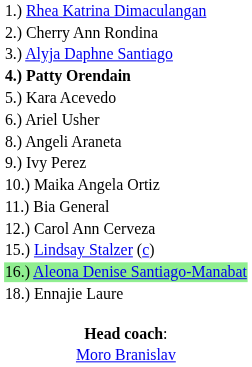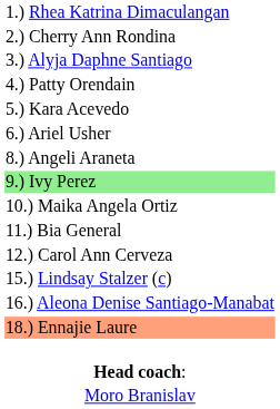 <table style="text-align: center; margin-top: 2em; margin-left: auto; margin-right: auto">
 <tr align=left>
 <td>1.) <a href='#'>Rhea Katrina Dimaculangan</a></td>
 </tr>
 <tr align=left>
 <td>2.) Cherry Ann Rondina</td>
 </tr>
 <tr align=left>
 <td>3.) <a href='#'>Alyja Daphne Santiago</a></td>
 </tr>
 <tr align=left>
-<td><strong>4.) Patty Orendain</strong></td>
+<td>4.) Patty Orendain</td>
 </tr>
 <tr align=left>
 <td>5.) Kara Acevedo</td>
 </tr>
 <tr align=left>
 <td>6.) Ariel Usher</td>
 </tr>
 <tr align=left>
 <td>8.) Angeli Araneta</td>
 </tr>
 <tr align=left>
-<td>9.) Ivy Perez</td>
+<td style="background: lightgreen;">9.) Ivy Perez</td>
 </tr>
 <tr align=left>
 <td>10.) Maika Angela Ortiz</td>
 </tr>
 <tr align=left>
 <td>11.) Bia General</td>
 </tr>
 <tr align=left>
 <td>12.) Carol Ann Cerveza</td>
 </tr>
 <tr align=left>
 <td>15.) <a href='#'>Lindsay Stalzer</a> (<a href='#'>c</a>)</td>
 </tr>
 <tr align=left>
-<td style="background: lightgreen;">16.) <a href='#'>Aleona Denise Santiago-Manabat</a></td>
+<td>16.) <a href='#'>Aleona Denise Santiago-Manabat</a></td>
 </tr>
 <tr align=left>
-<td>18.) Ennajie Laure</td>
+<td style="background: lightsalmon;">18.) Ennajie Laure</td>
 </tr>
 <tr>
 <td><br><strong>Head coach</strong>:</td>
 </tr>
 <tr>
 <td><a href='#'>Moro Branislav</a></td>
 </tr>
 </table>
